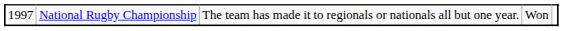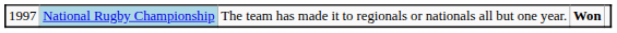 <table class="wikitable sortable" style="margin:0.5em 1em 0.5em 0; border:2px #000000 solid; border-collapse:collapse;" style="text-align:center">
 <tr>
 </tr>
 <tr>
 <td>1997</td>
-<td><a href='#'>National Rugby Championship</a></td>
+<td style="background: lightblue;"><a href='#'>National Rugby Championship</a></td>
 <td>The team has made it to regionals or nationals all but one year.</td>
-<td>Won</td>
+<td><strong>Won</strong></td>
 <td></td>
 </tr>
 </table>
